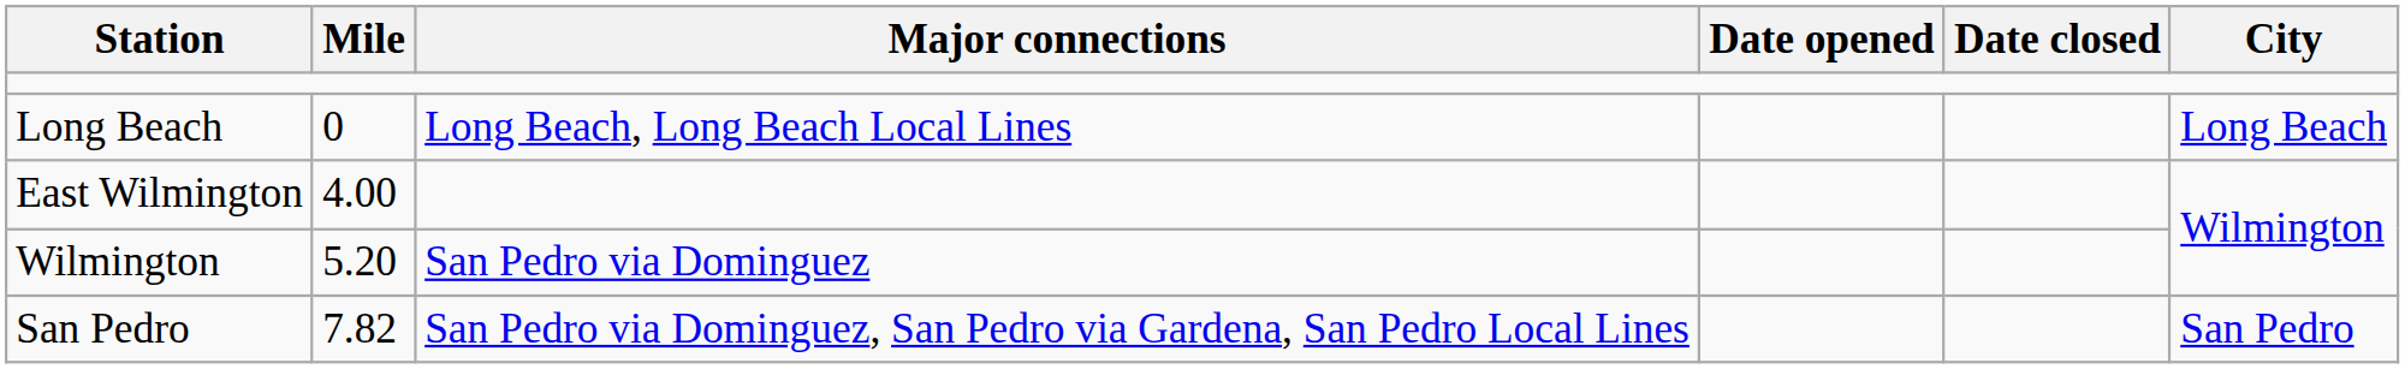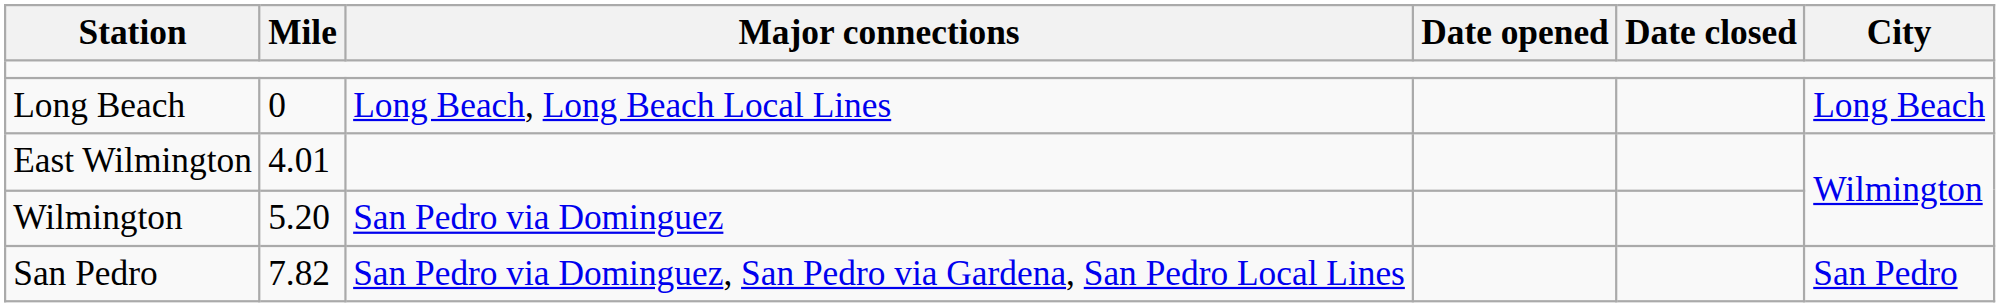 <table class="wikitable">
 <tr>
 <th>Station</th>
 <th>Mile</th>
 <th>Major connections</th>
 <th>Date opened</th>
 <th>Date closed</th>
 <th>City</th>
 </tr>
 <tr>
 <td colspan = "6"></td>
 </tr>
 <tr>
 <td>Long Beach</td>
 <td>0</td>
 <td><a href='#'>Long Beach</a>, <a href='#'>Long Beach Local Lines</a></td>
 <td></td>
 <td></td>
 <td><a href='#'>Long Beach</a></td>
 </tr>
 <tr>
 <td>East Wilmington</td>
-<td>4.00</td>
+<td>4.01</td>
 <td></td>
 <td></td>
 <td></td>
 <td rowspan=2><a href='#'>Wilmington</a></td>
 </tr>
 <tr>
 <td>Wilmington</td>
 <td>5.20</td>
 <td><a href='#'>San Pedro via Dominguez</a></td>
 <td></td>
 <td></td>
 </tr>
 <tr>
 <td>San Pedro</td>
 <td>7.82</td>
 <td><a href='#'>San Pedro via Dominguez</a>, <a href='#'>San Pedro via Gardena</a>, <a href='#'>San Pedro Local Lines</a></td>
 <td></td>
 <td></td>
 <td rowspan=1><a href='#'>San Pedro</a></td>
 </tr>
 </table>
